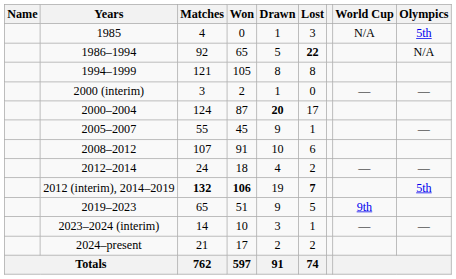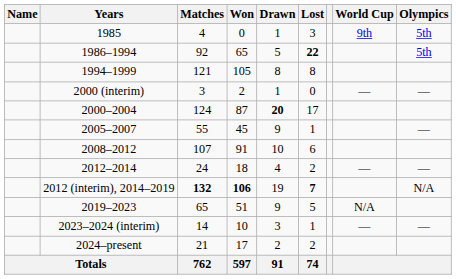 <table class="wikitable sortable" style="text-align:center;">
 <tr>
 <th>Name</th>
 <th>Years</th>
 <th>Matches</th>
 <th>Won</th>
 <th>Drawn</th>
 <th>Lost</th>
 <th></th>
 <th data-sort-type="number">World Cup</th>
 <th data-sort-type="number">Olympics</th>
 </tr>
 <tr>
 <td style="text-align:left"> </td>
 <td>1985</td>
 <td>4</td>
 <td>0</td>
 <td>1</td>
 <td>3</td>
 <td></td>
-<td>N/A</td>
+<td> <a href='#'>9th</a></td>
 <td> <a href='#'>5th</a></td>
 </tr>
 <tr>
 <td style="text-align:left"> </td>
 <td>1986–1994</td>
 <td>92</td>
 <td>65</td>
 <td>5</td>
 <td><strong>22</strong></td>
 <td></td>
 <td></td>
-<td>N/A</td>
+<td> <a href='#'>5th</a></td>
 </tr>
 <tr>
 <td style="text-align:left"> </td>
 <td>1994–1999</td>
 <td>121</td>
 <td>105</td>
 <td>8</td>
 <td>8</td>
 <td><strong></strong></td>
 <td> </td>
 <td></td>
 </tr>
 <tr>
 <td style="text-align:left"> </td>
 <td>2000 (interim)</td>
 <td>3</td>
 <td>2</td>
 <td>1</td>
 <td>0</td>
 <td></td>
 <td>—</td>
 <td>—</td>
 </tr>
 <tr>
 <td style="text-align:left"> </td>
 <td>2000–2004</td>
 <td>124</td>
 <td>87</td>
 <td><strong>20</strong></td>
 <td>17</td>
 <td></td>
 <td></td>
 <td> </td>
 </tr>
 <tr>
 <td style="text-align:left"> </td>
 <td>2005–2007</td>
 <td>55</td>
 <td>45</td>
 <td>9</td>
 <td>1</td>
 <td></td>
 <td></td>
 <td>—</td>
 </tr>
 <tr>
 <td style="text-align:left"> </td>
 <td>2008–2012</td>
 <td>107</td>
 <td>91</td>
 <td>10</td>
 <td>6</td>
 <td></td>
 <td></td>
 <td> </td>
 </tr>
 <tr>
 <td style="text-align:left"> </td>
 <td>2012–2014</td>
 <td>24</td>
 <td>18</td>
 <td>4</td>
 <td>2</td>
 <td></td>
 <td>—</td>
 <td>—</td>
 </tr>
 <tr>
 <td style="text-align:left"> </td>
 <td>2012 (interim), 2014–2019</td>
 <td><strong>132</strong></td>
 <td><strong>106</strong></td>
 <td>19</td>
 <td><strong>7</strong></td>
 <td></td>
 <td> </td>
-<td> <a href='#'>5th</a></td>
+<td>N/A</td>
 </tr>
 <tr>
 <td style="text-align:left"> </td>
 <td>2019–2023</td>
 <td>65</td>
 <td>51</td>
 <td>9</td>
 <td>5</td>
 <td></td>
-<td> <a href='#'>9th</a></td>
+<td>N/A</td>
 <td></td>
 </tr>
 <tr>
 <td style="text-align:left"> </td>
 <td>2023–2024 (interim)</td>
 <td>14</td>
 <td>10</td>
 <td>3</td>
 <td>1</td>
 <td></td>
 <td>—</td>
 <td>—</td>
 </tr>
 <tr>
 <td style="text-align:left"> </td>
 <td>2024–present</td>
 <td>21</td>
 <td>17</td>
 <td>2</td>
 <td>2</td>
 <td></td>
 <td></td>
 <td></td>
 </tr>
 <tr class=sortbottom style="font-weight:bold;">
 <th colspan=2>Totals</th>
 <th>762</th>
 <th>597</th>
 <th>91</th>
 <th>74</th>
 <th></th>
 <th colspan=2></th>
 </tr>
 </table>
